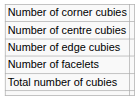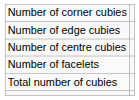 <table class="wikitable" style="margin-left:1em;">
 <tr>
 <td>Number of corner cubies</td>
 <td></td>
 </tr>
 <tr>
-<td>Number of centre cubies</td>
+<td>Number of edge cubies</td>
 <td></td>
 </tr>
 <tr>
-<td>Number of edge cubies</td>
+<td>Number of centre cubies</td>
 <td></td>
 </tr>
 <tr>
 <td>Number of facelets</td>
 <td></td>
 </tr>
 <tr>
 <td>Total number of cubies</td>
 <td></td>
 </tr>
 <tr>
 <td></td>
 <td></td>
 </tr>
 </table>
